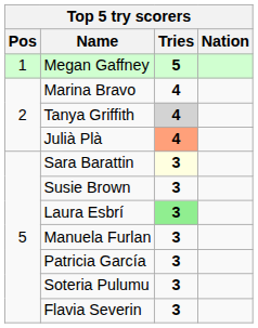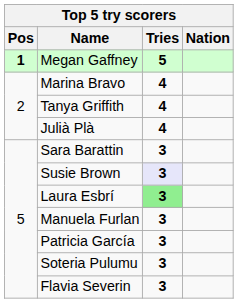 <table class="wikitable" border="1" style="text-align:center;">
 <tr>
 <th colspan=9>Top 5 try scorers</th>
 </tr>
 <tr>
 <th>Pos</th>
 <th>Name</th>
 <th>Tries</th>
 <th>Nation</th>
 </tr>
 <tr style="background:#d0ffd0;">
-<td>1</td>
+<td><strong>1</strong></td>
 <td style="text-align:left;">Megan Gaffney</td>
 <td><strong>5</strong></td>
 <td></td>
 </tr>
 <tr>
 <td rowspan=3>2</td>
 <td style="text-align:left;">Marina Bravo</td>
 <td><strong>4</strong></td>
 <td></td>
 </tr>
 <tr>
 <td style="text-align:left;">Tanya Griffith</td>
-<td style="background: lightgrey;"><strong>4</strong></td>
+<td><strong>4</strong></td>
 <td></td>
 </tr>
 <tr>
 <td style="text-align:left;">Julià Plà</td>
-<td style="background: lightsalmon;"><strong>4</strong></td>
+<td><strong>4</strong></td>
 <td></td>
 </tr>
 <tr>
 <td rowspan=7>5</td>
 <td style="text-align:left;">Sara Barattin</td>
-<td style="background: lightyellow;"><strong>3</strong></td>
+<td><strong>3</strong></td>
 <td></td>
 </tr>
 <tr>
 <td style="text-align:left;">Susie Brown</td>
-<td><strong>3</strong></td>
+<td style="background: lavender;"><strong>3</strong></td>
 <td></td>
 </tr>
 <tr>
 <td style="text-align:left;">Laura Esbrí</td>
 <td style="background: lightgreen;"><strong>3</strong></td>
 <td></td>
 </tr>
 <tr>
 <td style="text-align:left;">Manuela Furlan</td>
 <td><strong>3</strong></td>
 <td></td>
 </tr>
 <tr>
 <td style="text-align:left;">Patricia García</td>
 <td><strong>3</strong></td>
 <td></td>
 </tr>
 <tr>
 <td style="text-align:left;">Soteria Pulumu</td>
 <td><strong>3</strong></td>
 <td></td>
 </tr>
 <tr>
 <td style="text-align:left;">Flavia Severin</td>
 <td><strong>3</strong></td>
 <td></td>
 </tr>
 </table>
